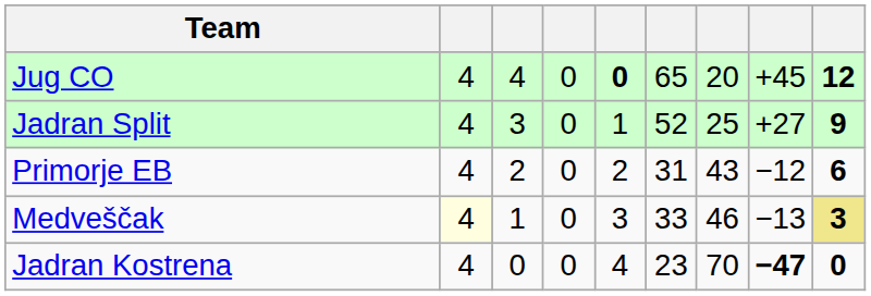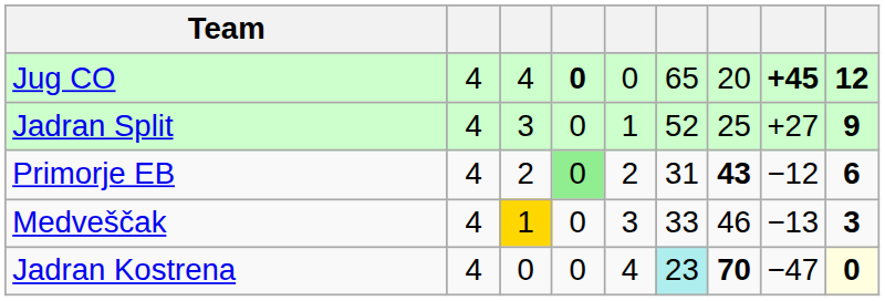 <table class="wikitable" style="text-align:center;">
 <tr>
 <th width=225>Team</th>
 <th width=20></th>
 <th width=20></th>
 <th width=20></th>
 <th width=20></th>
 <th width=20></th>
 <th width=20></th>
 <th width=20></th>
 <th width=20></th>
 </tr>
 <tr style="background:#cfc;">
 <td align="left"> <a href='#'>Jug CO</a></td>
 <td>4</td>
 <td>4</td>
+<td><strong>0</strong></td>
 <td>0</td>
-<td><strong>0</strong></td>
 <td>65</td>
 <td>20</td>
-<td>+45</td>
+<td><strong>+45</strong></td>
 <td><strong>12</strong></td>
 </tr>
 <tr style="background:#cfc;">
 <td align="left"> <a href='#'>Jadran Split</a></td>
 <td>4</td>
 <td>3</td>
 <td>0</td>
 <td>1</td>
 <td>52</td>
 <td>25</td>
 <td>+27</td>
 <td><strong>9</strong></td>
 </tr>
 <tr>
 <td align="left"> <a href='#'>Primorje EB</a></td>
 <td>4</td>
 <td>2</td>
-<td>0</td>
+<td style="background: lightgreen;">0</td>
 <td>2</td>
 <td>31</td>
-<td>43</td>
+<td><strong>43</strong></td>
 <td>−12</td>
 <td><strong>6</strong></td>
 </tr>
 <tr>
 <td align="left"> <a href='#'>Medveščak</a></td>
-<td style="background: lightyellow;">4</td>
-<td>1</td>
+<td>4</td>
+<td style="background: gold;">1</td>
 <td>0</td>
 <td>3</td>
 <td>33</td>
 <td>46</td>
 <td>−13</td>
-<td style="background: khaki;"><strong>3</strong></td>
+<td><strong>3</strong></td>
 </tr>
 <tr>
 <td align="left"> <a href='#'>Jadran Kostrena</a></td>
 <td>4</td>
 <td>0</td>
 <td>0</td>
 <td>4</td>
-<td>23</td>
-<td>70</td>
-<td><strong>−47</strong></td>
-<td><strong>0</strong></td>
+<td style="background: paleturquoise;">23</td>
+<td><strong>70</strong></td>
+<td>−47</td>
+<td style="background: lightyellow;"><strong>0</strong></td>
 </tr>
 </table>
